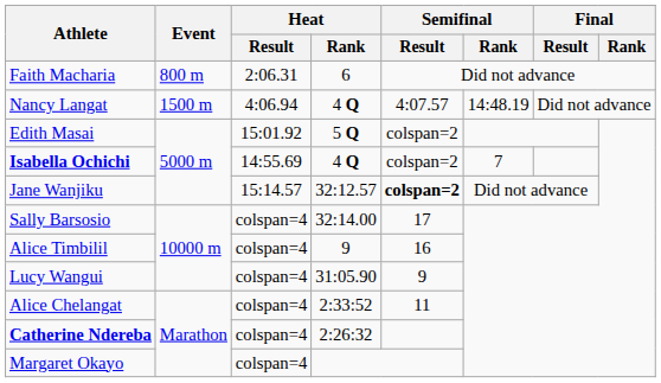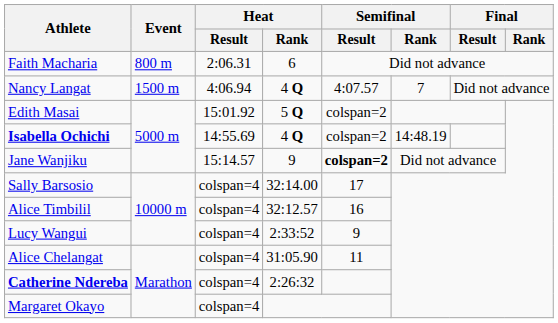 <table class=wikitable style="font-size:90%">
 <tr>
 <th rowspan="2">Athlete</th>
 <th rowspan="2">Event</th>
 <th colspan="2">Heat</th>
 <th colspan="2">Semifinal</th>
 <th colspan="2">Final</th>
 </tr>
 <tr style="font-size:95%">
 <th>Result</th>
 <th>Rank</th>
 <th>Result</th>
 <th>Rank</th>
 <th>Result</th>
 <th>Rank</th>
 </tr>
 <tr align=center>
 <td align=left><a href='#'>Faith Macharia</a></td>
 <td align=left><a href='#'>800 m</a></td>
 <td>2:06.31</td>
 <td>6</td>
 <td colspan=4>Did not advance</td>
 </tr>
 <tr align=center>
 <td align=left><a href='#'>Nancy Langat</a></td>
 <td align=left><a href='#'>1500 m</a></td>
 <td>4:06.94</td>
 <td>4 <strong>Q</strong></td>
 <td>4:07.57</td>
-<td>14:48.19</td>
+<td>7</td>
 <td colspan=2>Did not advance</td>
 </tr>
 <tr align=center>
 <td align=left><a href='#'>Edith Masai</a></td>
 <td align=left rowspan=3><a href='#'>5000 m</a></td>
 <td>15:01.92</td>
 <td>5 <strong>Q</strong></td>
 <td>colspan=2 </td>
 <td colspan=2></td>
 </tr>
 <tr align=center>
 <td align=left><strong><a href='#'>Isabella Ochichi</a></strong></td>
 <td>14:55.69</td>
 <td>4 <strong>Q</strong></td>
 <td>colspan=2 </td>
-<td>7</td>
+<td>14:48.19</td>
 <td></td>
 </tr>
 <tr align=center>
 <td align=left><a href='#'>Jane Wanjiku</a></td>
 <td>15:14.57</td>
-<td>32:12.57</td>
+<td>9</td>
 <td><strong>colspan=2 </strong></td>
 <td colspan=2>Did not advance</td>
 </tr>
 <tr align=center>
 <td align=left><a href='#'>Sally Barsosio</a></td>
 <td align=left rowspan=3><a href='#'>10000 m</a></td>
 <td>colspan=4 </td>
 <td>32:14.00</td>
 <td>17</td>
 </tr>
 <tr align=center>
 <td align=left><a href='#'>Alice Timbilil</a></td>
 <td>colspan=4 </td>
-<td>9</td>
+<td>32:12.57</td>
 <td>16</td>
 </tr>
 <tr align=center>
 <td align=left><a href='#'>Lucy Wangui</a></td>
 <td>colspan=4 </td>
-<td>31:05.90</td>
+<td>2:33:52</td>
 <td>9</td>
 </tr>
 <tr align=center>
 <td align=left><a href='#'>Alice Chelangat</a></td>
 <td align=left rowspan=3><a href='#'>Marathon</a></td>
 <td>colspan=4 </td>
-<td>2:33:52</td>
+<td>31:05.90</td>
 <td>11</td>
 </tr>
 <tr align=center>
 <td align=left><strong><a href='#'>Catherine Ndereba</a></strong></td>
 <td>colspan=4 </td>
 <td>2:26:32</td>
 <td></td>
 </tr>
 <tr align=center>
 <td align=left><a href='#'>Margaret Okayo</a></td>
 <td>colspan=4 </td>
 <td colspan=2></td>
 </tr>
 </table>
